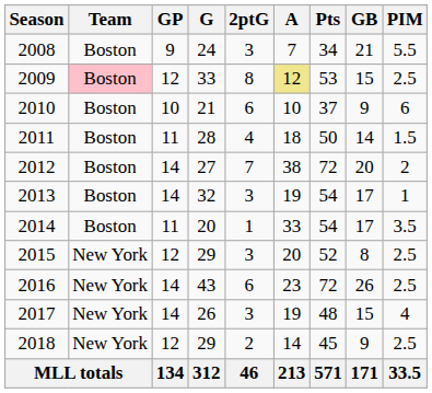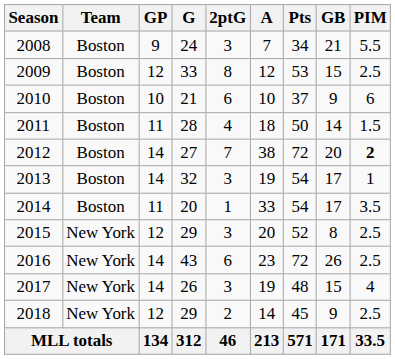 <table class="wikitable" style="text-align:center">
 <tr>
 <th>Season</th>
 <th>Team</th>
 <th>GP</th>
 <th>G</th>
 <th>2ptG</th>
 <th>A</th>
 <th>Pts</th>
 <th>GB</th>
 <th>PIM</th>
 </tr>
 <tr>
 <td>2008</td>
 <td>Boston</td>
 <td>9</td>
 <td>24</td>
 <td>3</td>
 <td>7</td>
 <td>34</td>
 <td>21</td>
 <td>5.5</td>
 </tr>
 <tr>
 <td>2009</td>
-<td style="background: pink;">Boston</td>
+<td>Boston</td>
 <td>12</td>
 <td>33</td>
 <td>8</td>
-<td style="background: khaki;">12</td>
+<td>12</td>
 <td>53</td>
 <td>15</td>
 <td>2.5</td>
 </tr>
 <tr>
 <td>2010</td>
 <td>Boston</td>
 <td>10</td>
 <td>21</td>
 <td>6</td>
 <td>10</td>
 <td>37</td>
 <td>9</td>
 <td>6</td>
 </tr>
 <tr>
 <td>2011</td>
 <td>Boston</td>
 <td>11</td>
 <td>28</td>
 <td>4</td>
 <td>18</td>
 <td>50</td>
 <td>14</td>
 <td>1.5</td>
 </tr>
 <tr>
 <td>2012</td>
 <td>Boston</td>
 <td>14</td>
 <td>27</td>
 <td>7</td>
 <td>38</td>
 <td>72</td>
 <td>20</td>
-<td>2</td>
+<td><strong>2</strong></td>
 </tr>
 <tr>
 <td>2013</td>
 <td>Boston</td>
 <td>14</td>
 <td>32</td>
 <td>3</td>
 <td>19</td>
 <td>54</td>
 <td>17</td>
 <td>1</td>
 </tr>
 <tr>
 <td>2014</td>
 <td>Boston</td>
 <td>11</td>
 <td>20</td>
 <td>1</td>
 <td>33</td>
 <td>54</td>
 <td>17</td>
 <td>3.5</td>
 </tr>
 <tr>
 <td>2015</td>
 <td>New York</td>
 <td>12</td>
 <td>29</td>
 <td>3</td>
 <td>20</td>
 <td>52</td>
 <td>8</td>
 <td>2.5</td>
 </tr>
 <tr>
 <td>2016</td>
 <td>New York</td>
 <td>14</td>
 <td>43</td>
 <td>6</td>
 <td>23</td>
 <td>72</td>
 <td>26</td>
 <td>2.5</td>
 </tr>
 <tr>
 <td>2017</td>
 <td>New York</td>
 <td>14</td>
 <td>26</td>
 <td>3</td>
 <td>19</td>
 <td>48</td>
 <td>15</td>
 <td>4</td>
 </tr>
 <tr>
 <td>2018</td>
 <td>New York</td>
 <td>12</td>
 <td>29</td>
 <td>2</td>
 <td>14</td>
 <td>45</td>
 <td>9</td>
 <td>2.5</td>
 </tr>
 <tr ALIGN="center" bgcolor="#e0e0e0">
 <th colspan="2">MLL totals</th>
 <th>134</th>
 <th>312</th>
 <th>46</th>
 <th>213</th>
 <th>571</th>
 <th>171</th>
 <th>33.5</th>
 </tr>
 </table>
